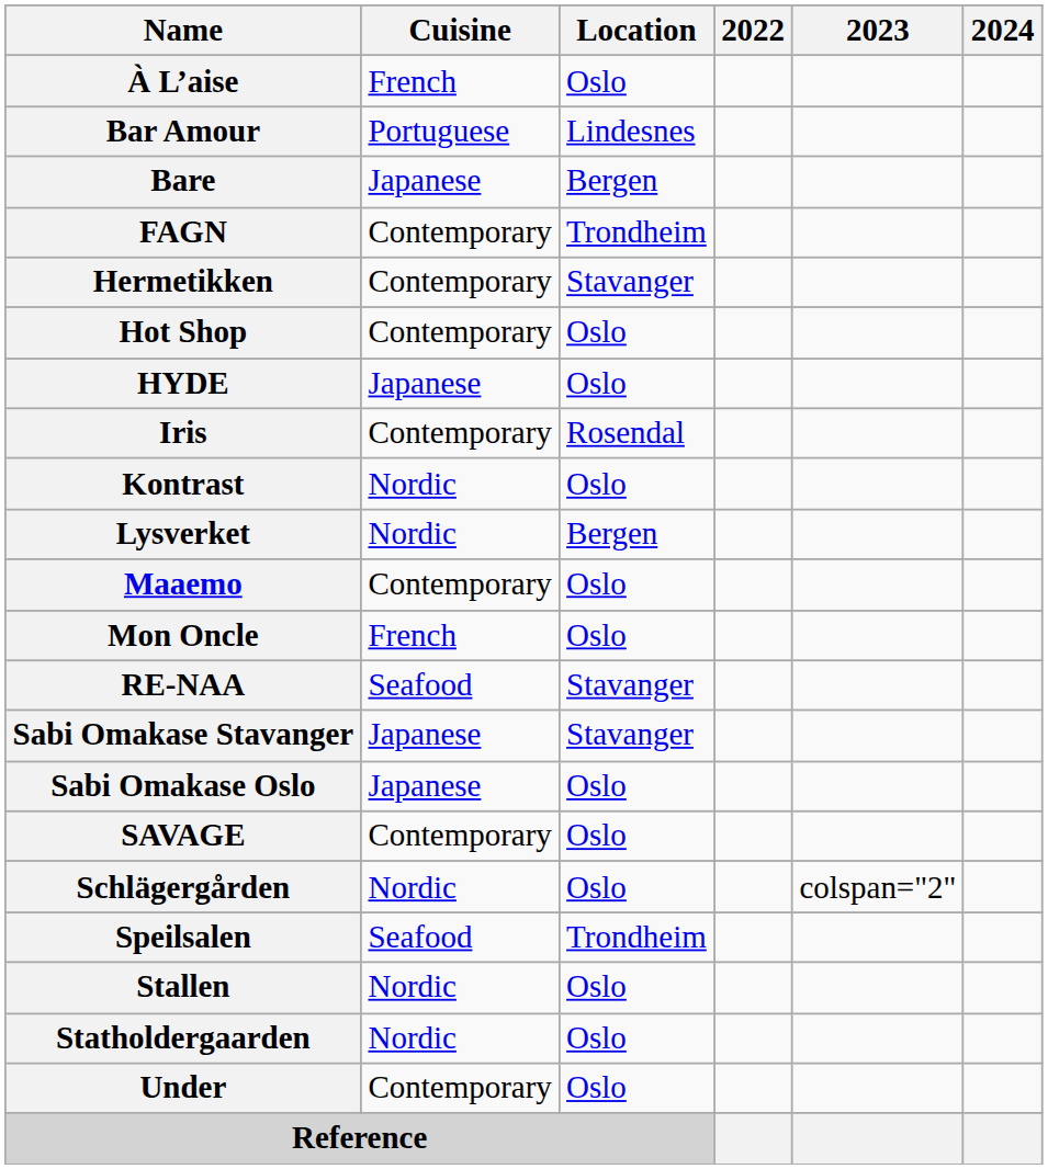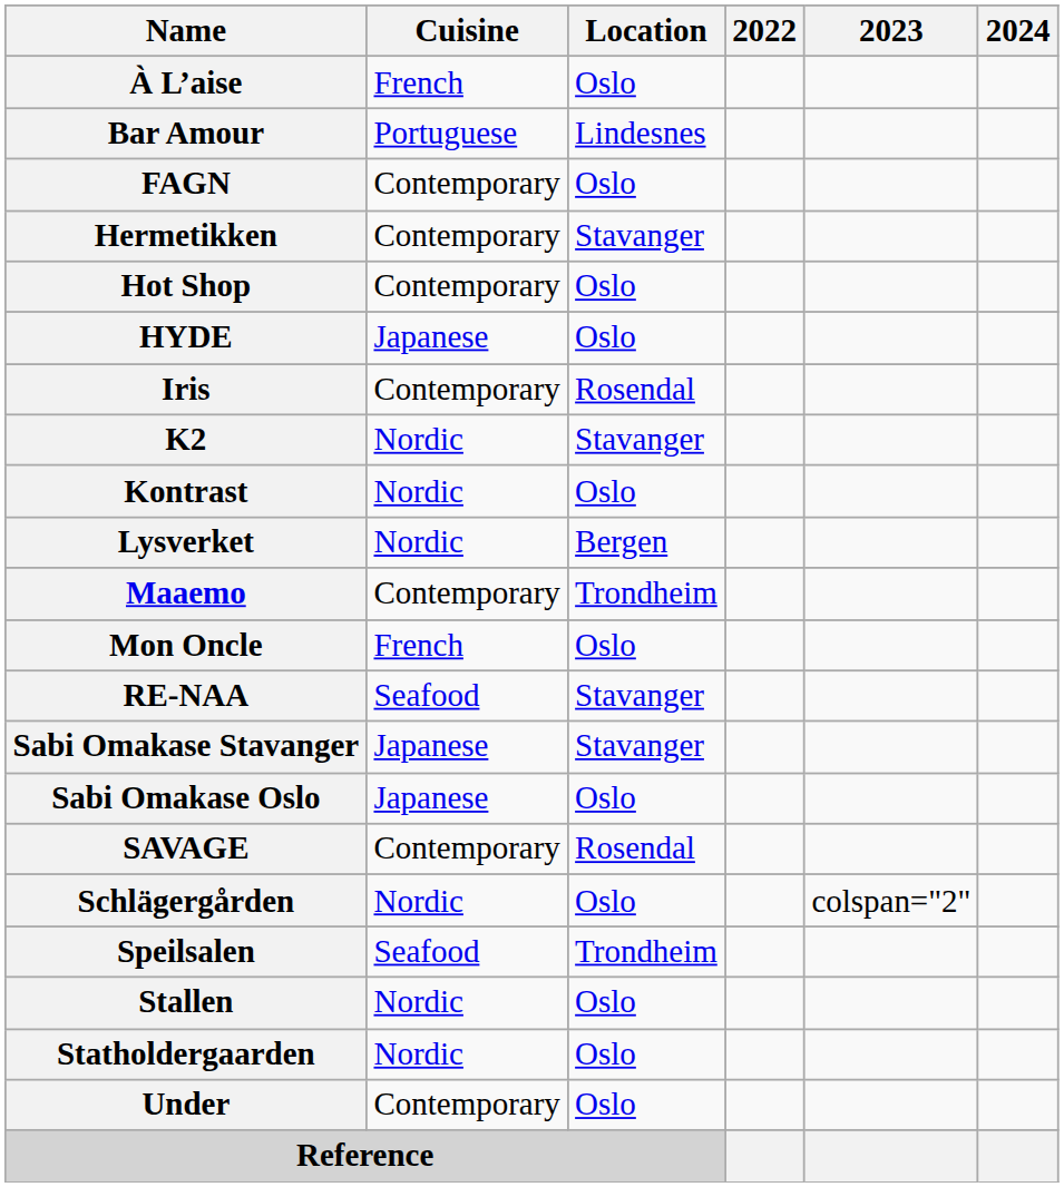 <table class="wikitable sortable plainrowheaders" style="text-align:left;"">
 <tr>
 <th scope="col">Name</th>
 <th scope="col">Cuisine</th>
 <th scope="col">Location</th>
 <th scope="col">2022</th>
 <th scope="col">2023</th>
 <th scope="col">2024</th>
 </tr>
 <tr>
 <th scope="row">À L’aise</th>
 <td><a href='#'>French</a></td>
 <td><a href='#'>Oslo</a></td>
 <td></td>
 <td></td>
 <td></td>
 </tr>
 <tr>
 <th scope="row">Bar Amour</th>
 <td><a href='#'>Portuguese</a></td>
 <td><a href='#'>Lindesnes</a></td>
 <td></td>
 <td></td>
 <td></td>
 </tr>
 <tr>
-<th scope="row">Bare</th>
-<td><a href='#'>Japanese</a></td>
-<td><a href='#'>Bergen</a></td>
-<td></td>
-<td></td>
-<td></td>
-</tr>
-<tr>
 <th scope="row">FAGN</th>
 <td>Contemporary</td>
-<td><a href='#'>Trondheim</a></td>
+<td><a href='#'>Oslo</a></td>
 <td></td>
 <td></td>
 <td></td>
 </tr>
 <tr>
 <th scope="row">Hermetikken</th>
 <td>Contemporary</td>
 <td><a href='#'>Stavanger</a></td>
 <td></td>
 <td></td>
 <td></td>
 </tr>
 <tr>
 <th scope="row">Hot Shop</th>
 <td>Contemporary</td>
 <td><a href='#'>Oslo</a></td>
 <td></td>
 <td></td>
 <td></td>
 </tr>
 <tr>
 <th scope="row">HYDE</th>
 <td><a href='#'>Japanese</a></td>
 <td><a href='#'>Oslo</a></td>
 <td></td>
 <td></td>
 <td></td>
 </tr>
 <tr>
 <th scope="row">Iris</th>
 <td>Contemporary</td>
 <td><a href='#'>Rosendal</a></td>
 <td></td>
 <td></td>
 <td></td>
 </tr>
 <tr>
+<th scope="row">K2</th>
+<td><a href='#'>Nordic</a></td>
+<td><a href='#'>Stavanger</a></td>
+<td></td>
+<td></td>
+<td></td>
+</tr>
+<tr>
 <th scope="row">Kontrast</th>
 <td><a href='#'>Nordic</a></td>
 <td><a href='#'>Oslo</a></td>
 <td></td>
 <td></td>
 <td></td>
 </tr>
 <tr>
 <th scope="row">Lysverket</th>
 <td><a href='#'>Nordic</a></td>
 <td><a href='#'>Bergen</a></td>
 <td></td>
 <td></td>
 <td></td>
 </tr>
 <tr>
 <th scope="row"><a href='#'>Maaemo</a></th>
 <td>Contemporary</td>
-<td><a href='#'>Oslo</a></td>
+<td><a href='#'>Trondheim</a></td>
 <td></td>
 <td></td>
 <td></td>
 </tr>
 <tr>
 <th scope="row">Mon Oncle</th>
 <td><a href='#'>French</a></td>
 <td><a href='#'>Oslo</a></td>
 <td></td>
 <td></td>
 <td></td>
 </tr>
 <tr>
 <th scope="row">RE-NAA</th>
 <td><a href='#'>Seafood</a></td>
 <td><a href='#'>Stavanger</a></td>
 <td></td>
 <td></td>
 <td></td>
 </tr>
 <tr>
 <th scope="row">Sabi Omakase Stavanger</th>
 <td><a href='#'>Japanese</a></td>
 <td><a href='#'>Stavanger</a></td>
 <td></td>
 <td></td>
 <td></td>
 </tr>
 <tr>
 <th scope="row">Sabi Omakase Oslo</th>
 <td><a href='#'>Japanese</a></td>
 <td><a href='#'>Oslo</a></td>
 <td></td>
 <td></td>
 <td></td>
 </tr>
 <tr>
 <th scope="row">SAVAGE</th>
 <td>Contemporary</td>
-<td><a href='#'>Oslo</a></td>
+<td><a href='#'>Rosendal</a></td>
 <td></td>
 <td></td>
 <td></td>
 </tr>
 <tr>
 <th scope="row">Schlägergården</th>
 <td><a href='#'>Nordic</a></td>
 <td><a href='#'>Oslo</a></td>
 <td></td>
 <td>colspan="2" </td>
 </tr>
 <tr>
 <th scope="row">Speilsalen</th>
 <td><a href='#'>Seafood</a></td>
 <td><a href='#'>Trondheim</a></td>
 <td></td>
 <td></td>
 <td></td>
 </tr>
 <tr>
 <th scope="row">Stallen</th>
 <td><a href='#'>Nordic</a></td>
 <td><a href='#'>Oslo</a></td>
 <td></td>
 <td></td>
 <td></td>
 </tr>
 <tr>
 <th scope="row">Statholdergaarden</th>
 <td><a href='#'>Nordic</a></td>
 <td><a href='#'>Oslo</a></td>
 <td></td>
 <td></td>
 <td></td>
 </tr>
 <tr>
 <th scope="row">Under</th>
 <td>Contemporary</td>
 <td><a href='#'>Oslo</a></td>
 <td></td>
 <td></td>
 <td></td>
 </tr>
 <tr>
 <th colspan="3" style="text-align: center;background: lightgray;">Reference</th>
 <th></th>
 <th></th>
 <th></th>
 </tr>
 </table>
